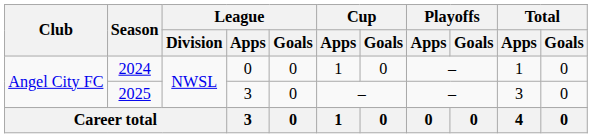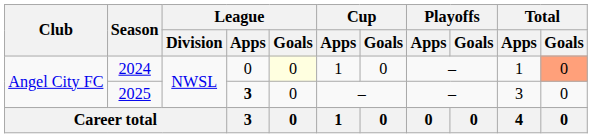 <table class="wikitable" style="text-align: center;">
 <tr>
 <th rowspan="2">Club</th>
 <th rowspan="2">Season</th>
 <th colspan="3">League</th>
 <th colspan="2">Cup</th>
 <th colspan="2">Playoffs</th>
 <th colspan="2">Total</th>
 </tr>
 <tr>
 <th>Division</th>
 <th>Apps</th>
 <th>Goals</th>
 <th>Apps</th>
 <th>Goals</th>
 <th>Apps</th>
 <th>Goals</th>
 <th>Apps</th>
 <th>Goals</th>
 </tr>
 <tr>
 <td rowspan="2"><a href='#'>Angel City FC</a></td>
 <td><a href='#'>2024</a></td>
 <td rowspan="2"><a href='#'>NWSL</a></td>
 <td>0</td>
-<td>0</td>
+<td style="background: lightyellow;">0</td>
 <td>1</td>
 <td>0</td>
 <td colspan="2">–</td>
 <td>1</td>
-<td>0</td>
+<td style="background: lightsalmon;">0</td>
 </tr>
 <tr>
 <td><a href='#'>2025</a></td>
-<td>3</td>
+<td><strong>3</strong></td>
 <td>0</td>
 <td colspan="2">–</td>
 <td colspan="2">–</td>
 <td>3</td>
 <td>0</td>
 </tr>
 <tr>
 <th colspan="3">Career total</th>
 <th>3</th>
 <th>0</th>
 <th>1</th>
 <th>0</th>
 <th>0</th>
 <th>0</th>
 <th>4</th>
 <th>0</th>
 </tr>
 </table>
